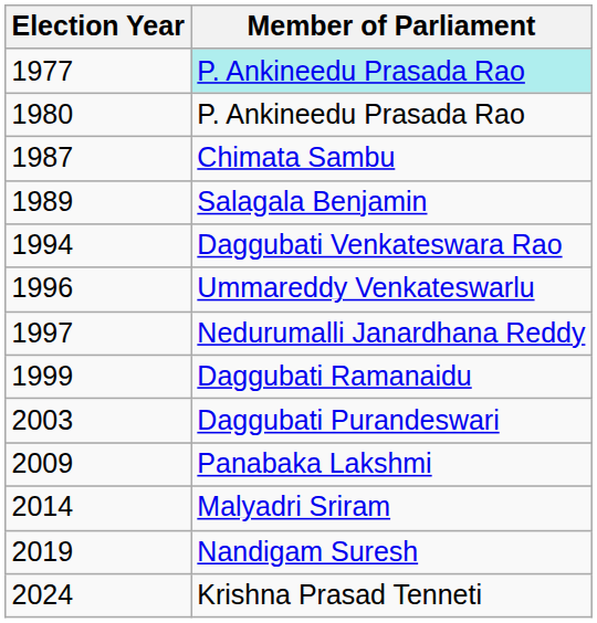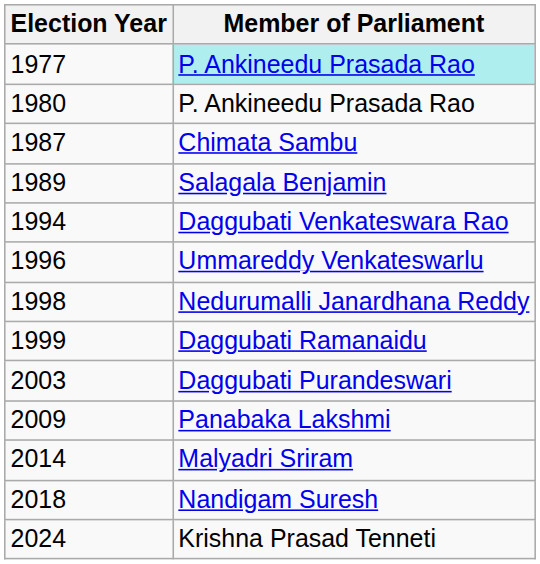 <table class="wikitable">
 <tr>
 <th>Election Year</th>
 <th>Member of Parliament</th>
 </tr>
 <tr>
 <td>1977</td>
 <td style="background: paleturquoise;"><a href='#'>P. Ankineedu Prasada Rao</a></td>
 </tr>
 <tr>
 <td>1980</td>
 <td>P. Ankineedu Prasada Rao</td>
 </tr>
 <tr>
 <td>1987</td>
 <td><a href='#'>Chimata Sambu</a></td>
 </tr>
 <tr>
 <td>1989</td>
 <td><a href='#'>Salagala Benjamin</a></td>
 </tr>
 <tr>
 <td>1994</td>
 <td><a href='#'>Daggubati Venkateswara Rao</a></td>
 </tr>
 <tr>
 <td>1996</td>
 <td><a href='#'>Ummareddy Venkateswarlu</a></td>
 </tr>
 <tr>
-<td>1997</td>
+<td>1998</td>
 <td><a href='#'>Nedurumalli Janardhana Reddy</a></td>
 </tr>
 <tr>
 <td>1999</td>
 <td><a href='#'>Daggubati Ramanaidu</a></td>
 </tr>
 <tr>
 <td>2003</td>
 <td><a href='#'>Daggubati Purandeswari</a></td>
 </tr>
 <tr>
 <td>2009</td>
 <td><a href='#'>Panabaka Lakshmi</a></td>
 </tr>
 <tr>
 <td>2014</td>
 <td><a href='#'>Malyadri Sriram</a></td>
 </tr>
 <tr>
-<td>2019</td>
+<td>2018</td>
 <td><a href='#'>Nandigam Suresh</a></td>
 </tr>
 <tr>
 <td>2024</td>
 <td>Krishna Prasad Tenneti</td>
 </tr>
 </table>
